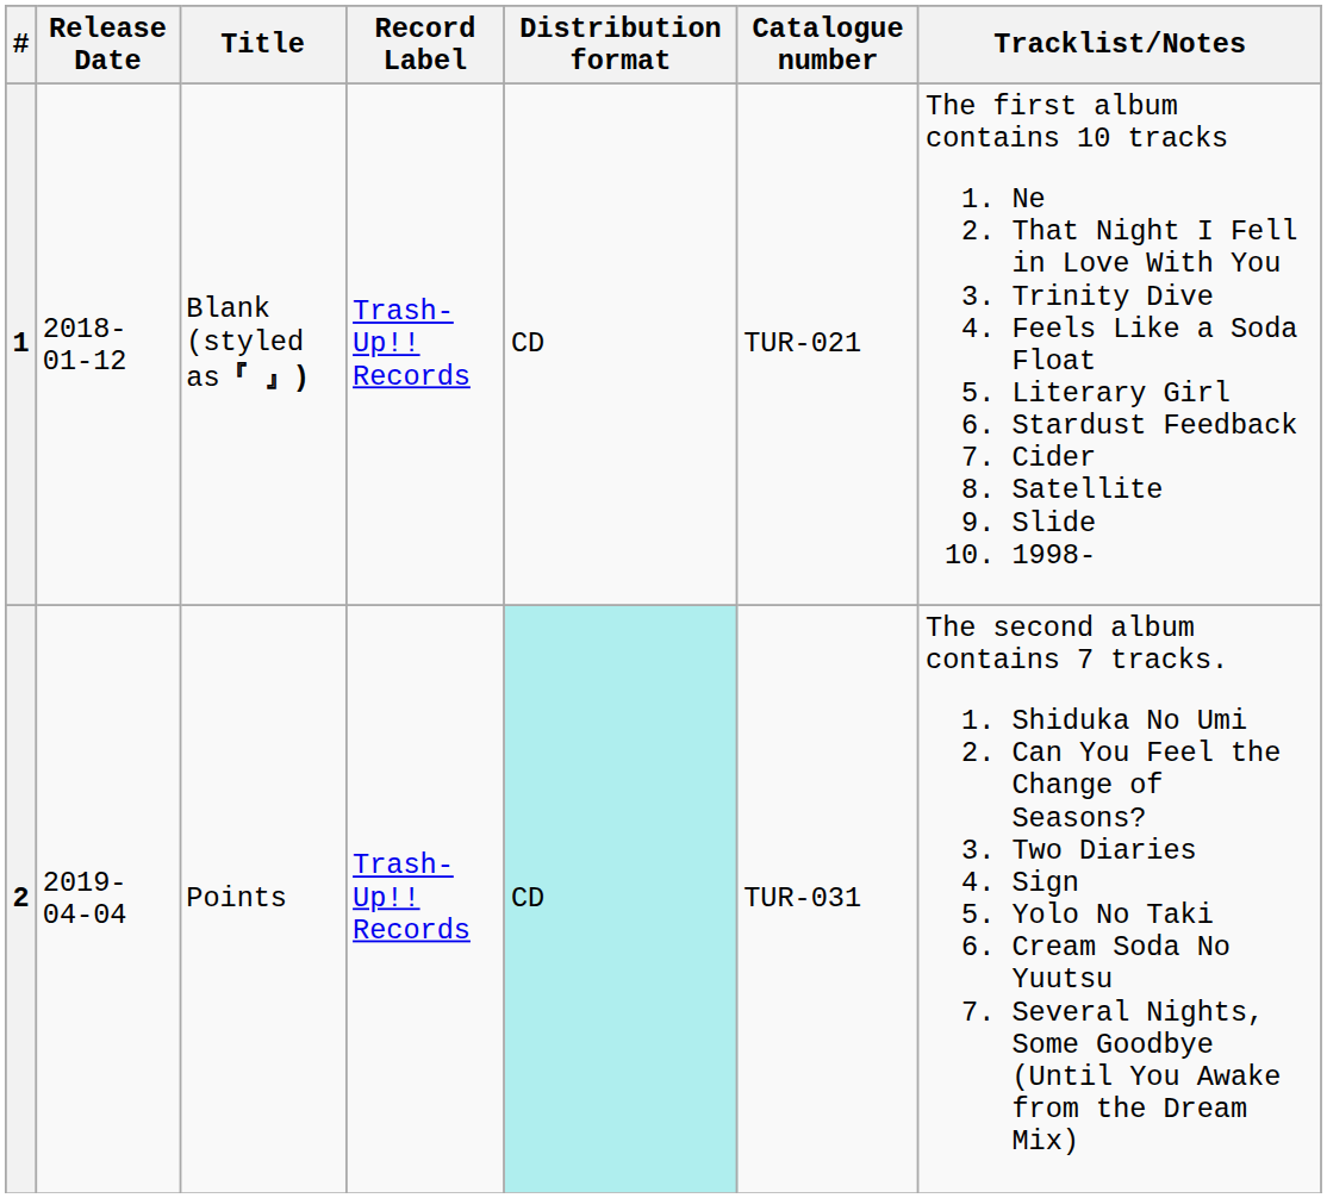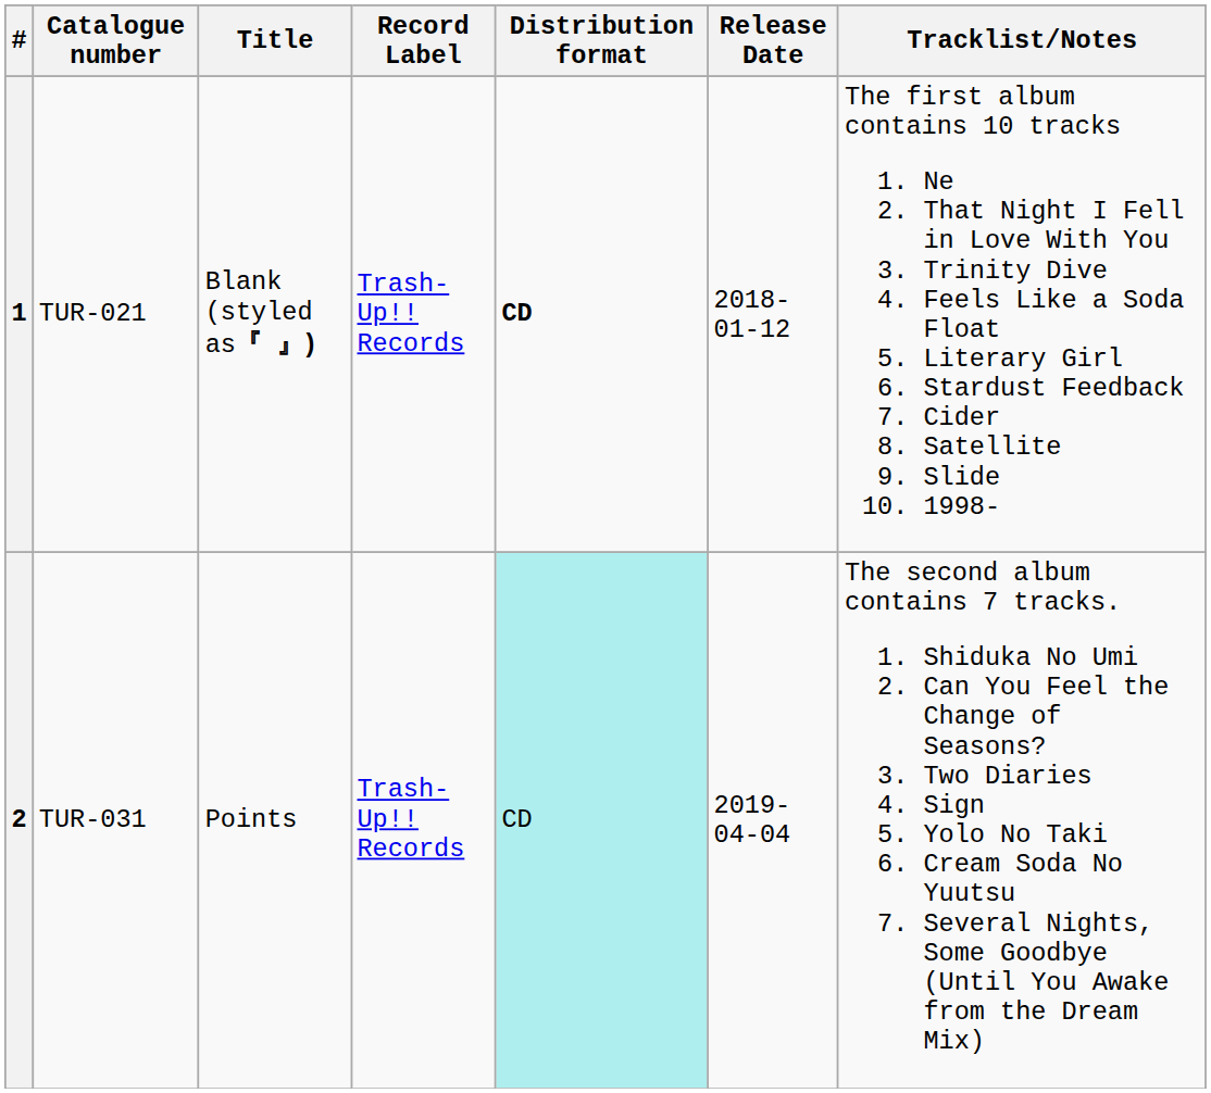 <table class="wikitable">
 <tr>
 <th>#</th>
-<th>Release Date</th>
+<th>Catalogue number</th>
 <th>Title</th>
 <th>Record Label</th>
 <th>Distribution format</th>
-<th>Catalogue number</th>
+<th>Release Date</th>
 <th>Tracklist/Notes</th>
 </tr>
 <tr>
 <th>1</th>
-<td>2018-01-12</td>
+<td>TUR-021</td>
 <td>Blank (styled as<strong>『         』)</strong></td>
 <td><a href='#'>Trash-Up!! Records</a></td>
-<td>CD</td>
-<td>TUR-021</td>
+<td><strong>CD</strong></td>
+<td>2018-01-12</td>
 <td>The first album contains 10 tracks<br><ol><li>Ne</li><li>That Night I Fell in Love With You</li><li>Trinity Dive</li><li>Feels Like a Soda Float</li><li>Literary Girl</li><li>Stardust Feedback</li><li>Cider</li><li>Satellite</li><li>Slide</li><li>1998-</li></ol></td>
 </tr>
 <tr>
 <th>2</th>
-<td>2019-04-04</td>
+<td>TUR-031</td>
 <td>Points</td>
 <td><a href='#'>Trash-Up!! Records</a></td>
 <td style="background: paleturquoise;">CD</td>
-<td>TUR-031</td>
+<td>2019-04-04</td>
 <td>The second album contains 7 tracks.<br><ol><li>Shiduka No Umi</li><li>Can You Feel the Change of Seasons?</li><li>Two Diaries</li><li>Sign</li><li>Yolo No Taki</li><li>Cream Soda No Yuutsu</li><li>Several Nights, Some Goodbye (Until You Awake from the Dream Mix)</li></ol></td>
 </tr>
 </table>
